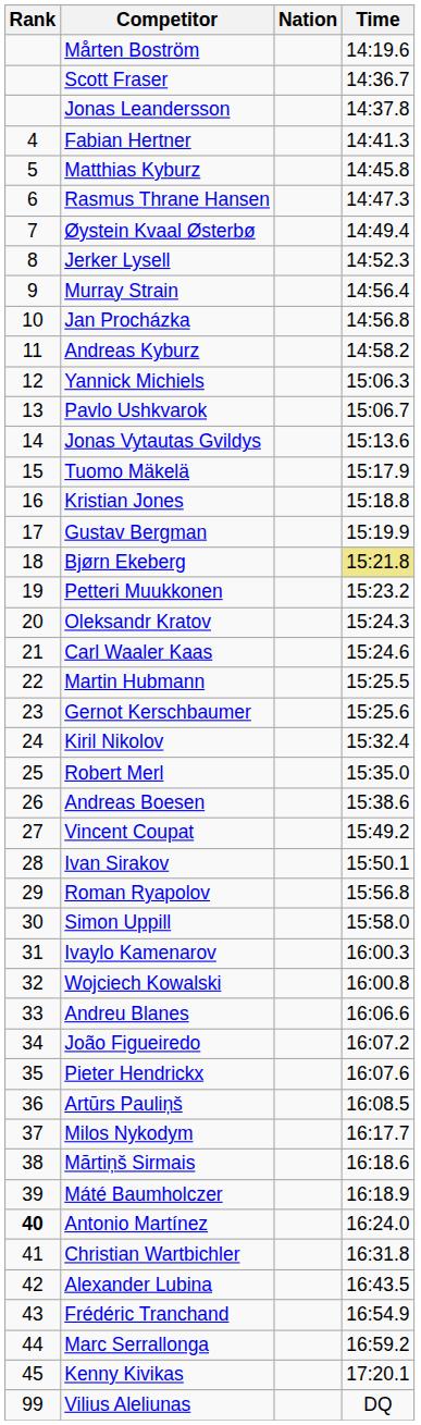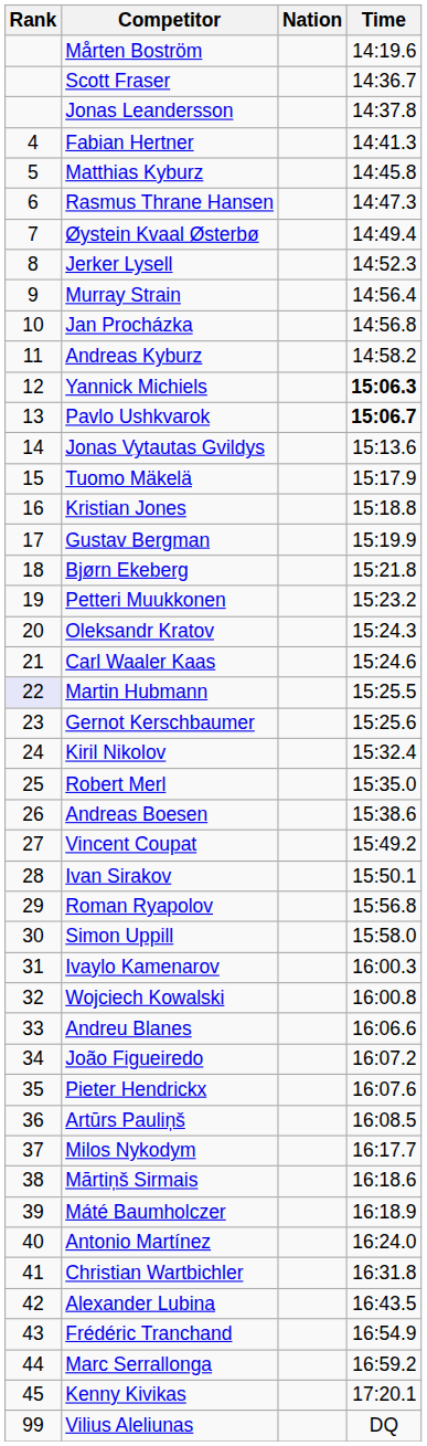 <table class="wikitable sortable" style="text-align:left">
 <tr>
 <th data-sort-type="number">Rank</th>
 <th class="unsortable">Competitor</th>
 <th>Nation</th>
 <th>Time</th>
 </tr>
 <tr>
 <td style="text-align:center"></td>
 <td><a href='#'>Mårten Boström</a></td>
 <td></td>
 <td style="text-align:right">14:19.6</td>
 </tr>
 <tr>
 <td style="text-align:center"></td>
 <td><a href='#'>Scott Fraser</a></td>
 <td></td>
 <td style="text-align:right">14:36.7</td>
 </tr>
 <tr>
 <td style="text-align:center"></td>
 <td><a href='#'>Jonas Leandersson</a></td>
 <td></td>
 <td style="text-align:right">14:37.8</td>
 </tr>
 <tr>
 <td style="text-align:center">4</td>
 <td><a href='#'>Fabian Hertner</a></td>
 <td></td>
 <td style="text-align:right">14:41.3</td>
 </tr>
 <tr>
 <td style="text-align:center">5</td>
 <td><a href='#'>Matthias Kyburz</a></td>
 <td></td>
 <td style="text-align:right">14:45.8</td>
 </tr>
 <tr>
 <td style="text-align:center">6</td>
 <td><a href='#'>Rasmus Thrane Hansen</a></td>
 <td></td>
 <td style="text-align:right">14:47.3</td>
 </tr>
 <tr>
 <td style="text-align:center">7</td>
 <td><a href='#'>Øystein Kvaal Østerbø</a></td>
 <td></td>
 <td style="text-align:right">14:49.4</td>
 </tr>
 <tr>
 <td style="text-align:center">8</td>
 <td><a href='#'>Jerker Lysell</a></td>
 <td></td>
 <td style="text-align:right">14:52.3</td>
 </tr>
 <tr>
 <td style="text-align:center">9</td>
 <td><a href='#'>Murray Strain</a></td>
 <td></td>
 <td style="text-align:right">14:56.4</td>
 </tr>
 <tr>
 <td style="text-align:center">10</td>
 <td><a href='#'>Jan Procházka</a></td>
 <td></td>
 <td style="text-align:right">14:56.8</td>
 </tr>
 <tr>
 <td style="text-align:center">11</td>
 <td><a href='#'>Andreas Kyburz</a></td>
 <td></td>
 <td style="text-align:right">14:58.2</td>
 </tr>
 <tr>
 <td style="text-align:center">12</td>
 <td><a href='#'>Yannick Michiels</a></td>
 <td></td>
-<td style="text-align:right">15:06.3</td>
+<td style="text-align:right"><strong>15:06.3</strong></td>
 </tr>
 <tr>
 <td style="text-align:center">13</td>
 <td><a href='#'>Pavlo Ushkvarok</a></td>
 <td></td>
-<td style="text-align:right">15:06.7</td>
+<td style="text-align:right"><strong>15:06.7</strong></td>
 </tr>
 <tr>
 <td style="text-align:center">14</td>
 <td><a href='#'>Jonas Vytautas Gvildys</a></td>
 <td></td>
 <td style="text-align:right">15:13.6</td>
 </tr>
 <tr>
 <td style="text-align:center">15</td>
 <td><a href='#'>Tuomo Mäkelä</a></td>
 <td></td>
 <td style="text-align:right">15:17.9</td>
 </tr>
 <tr>
 <td style="text-align:center">16</td>
 <td><a href='#'>Kristian Jones</a></td>
 <td></td>
 <td style="text-align:right">15:18.8</td>
 </tr>
 <tr>
 <td style="text-align:center">17</td>
 <td><a href='#'>Gustav Bergman</a></td>
 <td></td>
 <td style="text-align:right">15:19.9</td>
 </tr>
 <tr>
 <td style="text-align:center">18</td>
 <td><a href='#'>Bjørn Ekeberg</a></td>
 <td></td>
-<td style="background: khaki; text-align:right">15:21.8</td>
+<td style="text-align:right">15:21.8</td>
 </tr>
 <tr>
 <td style="text-align:center">19</td>
 <td><a href='#'>Petteri Muukkonen</a></td>
 <td></td>
 <td style="text-align:right">15:23.2</td>
 </tr>
 <tr>
 <td style="text-align:center">20</td>
 <td><a href='#'>Oleksandr Kratov</a></td>
 <td></td>
 <td style="text-align:right">15:24.3</td>
 </tr>
 <tr>
 <td style="text-align:center">21</td>
 <td><a href='#'>Carl Waaler Kaas</a></td>
 <td></td>
 <td style="text-align:right">15:24.6</td>
 </tr>
 <tr>
-<td style="text-align:center">22</td>
+<td style="background: lavender; text-align:center">22</td>
 <td><a href='#'>Martin Hubmann</a></td>
 <td></td>
 <td style="text-align:right">15:25.5</td>
 </tr>
 <tr>
 <td style="text-align:center">23</td>
 <td><a href='#'>Gernot Kerschbaumer</a></td>
 <td></td>
 <td style="text-align:right">15:25.6</td>
 </tr>
 <tr>
 <td style="text-align:center">24</td>
 <td><a href='#'>Kiril Nikolov</a></td>
 <td></td>
 <td style="text-align:right">15:32.4</td>
 </tr>
 <tr>
 <td style="text-align:center">25</td>
 <td><a href='#'>Robert Merl</a></td>
 <td></td>
 <td style="text-align:right">15:35.0</td>
 </tr>
 <tr>
 <td style="text-align:center">26</td>
 <td><a href='#'>Andreas Boesen</a></td>
 <td></td>
 <td style="text-align:right">15:38.6</td>
 </tr>
 <tr>
 <td style="text-align:center">27</td>
 <td><a href='#'>Vincent Coupat</a></td>
 <td></td>
 <td style="text-align:right">15:49.2</td>
 </tr>
 <tr>
 <td style="text-align:center">28</td>
 <td><a href='#'>Ivan Sirakov</a></td>
 <td></td>
 <td style="text-align:right">15:50.1</td>
 </tr>
 <tr>
 <td style="text-align:center">29</td>
 <td><a href='#'>Roman Ryapolov</a></td>
 <td></td>
 <td style="text-align:right">15:56.8</td>
 </tr>
 <tr>
 <td style="text-align:center">30</td>
 <td><a href='#'>Simon Uppill</a></td>
 <td></td>
 <td style="text-align:right">15:58.0</td>
 </tr>
 <tr>
 <td style="text-align:center">31</td>
 <td><a href='#'>Ivaylo Kamenarov</a></td>
 <td></td>
 <td style="text-align:right">16:00.3</td>
 </tr>
 <tr>
 <td style="text-align:center">32</td>
 <td><a href='#'>Wojciech Kowalski</a></td>
 <td></td>
 <td style="text-align:right">16:00.8</td>
 </tr>
 <tr>
 <td style="text-align:center">33</td>
 <td><a href='#'>Andreu Blanes</a></td>
 <td></td>
 <td style="text-align:right">16:06.6</td>
 </tr>
 <tr>
 <td style="text-align:center">34</td>
 <td><a href='#'>João Figueiredo</a></td>
 <td></td>
 <td style="text-align:right">16:07.2</td>
 </tr>
 <tr>
 <td style="text-align:center">35</td>
 <td><a href='#'>Pieter Hendrickx</a></td>
 <td></td>
 <td style="text-align:right">16:07.6</td>
 </tr>
 <tr>
 <td style="text-align:center">36</td>
 <td><a href='#'>Artūrs Pauliņš</a></td>
 <td></td>
 <td style="text-align:right">16:08.5</td>
 </tr>
 <tr>
 <td style="text-align:center">37</td>
 <td><a href='#'>Milos Nykodym</a></td>
 <td></td>
 <td style="text-align:right">16:17.7</td>
 </tr>
 <tr>
 <td style="text-align:center">38</td>
 <td><a href='#'>Mārtiņš Sirmais</a></td>
 <td></td>
 <td style="text-align:right">16:18.6</td>
 </tr>
 <tr>
 <td style="text-align:center">39</td>
 <td><a href='#'>Máté Baumholczer</a></td>
 <td></td>
 <td style="text-align:right">16:18.9</td>
 </tr>
 <tr>
-<td style="text-align:center"><strong>40</strong></td>
+<td style="text-align:center">40</td>
 <td><a href='#'>Antonio Martínez</a></td>
 <td></td>
 <td style="text-align:right">16:24.0</td>
 </tr>
 <tr>
 <td style="text-align:center">41</td>
 <td><a href='#'>Christian Wartbichler</a></td>
 <td></td>
 <td style="text-align:right">16:31.8</td>
 </tr>
 <tr>
 <td style="text-align:center">42</td>
 <td><a href='#'>Alexander Lubina</a></td>
 <td></td>
 <td style="text-align:right">16:43.5</td>
 </tr>
 <tr>
 <td style="text-align:center">43</td>
 <td><a href='#'>Frédéric Tranchand</a></td>
 <td></td>
 <td style="text-align:right">16:54.9</td>
 </tr>
 <tr>
 <td style="text-align:center">44</td>
 <td><a href='#'>Marc Serrallonga</a></td>
 <td></td>
 <td style="text-align:right">16:59.2</td>
 </tr>
 <tr>
 <td style="text-align:center">45</td>
 <td><a href='#'>Kenny Kivikas</a></td>
 <td></td>
 <td style="text-align:right">17:20.1</td>
 </tr>
 <tr>
 <td style="text-align:center"><span>99</span></td>
 <td><a href='#'>Vilius Aleliunas</a></td>
 <td></td>
 <td style="text-align:center">DQ</td>
 </tr>
 </table>
